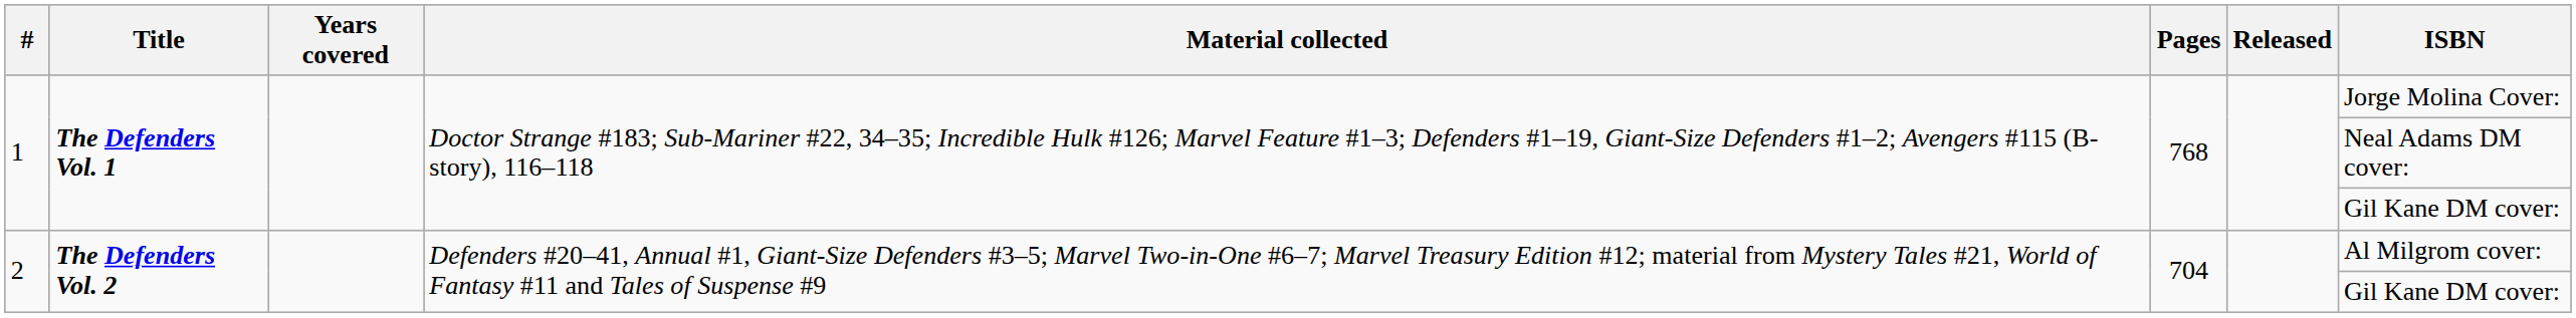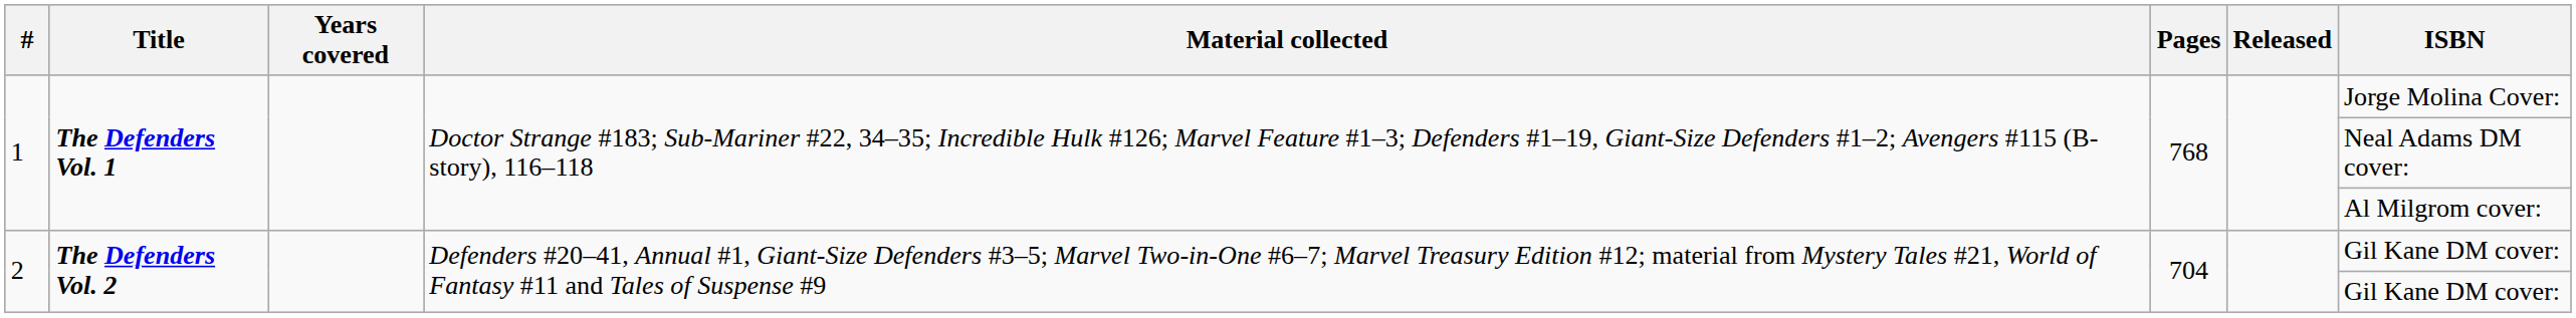 <table class="wikitable sortable" width="99%">
 <tr>
 <th class="unsortable" width="20px">#</th>
 <th>Title</th>
 <th>Years covered</th>
 <th class="unsortable">Material collected</th>
 <th>Pages</th>
 <th>Released</th>
 <th class="unsortable">ISBN</th>
 </tr>
 <tr>
 <td rowspan="3">1</td>
 <td rowspan="3"><strong><em>The <a href='#'>Defenders</a> Vol. 1</em></strong></td>
 <td rowspan="3"></td>
 <td rowspan="3"><em>Doctor Strange</em> #183; <em>Sub-Mariner</em> #22, 34–35; <em>Incredible Hulk</em> #126; <em>Marvel Feature</em> #1–3; <em>Defenders</em> #1–19, <em>Giant-Size Defenders</em> #1–2; <em>Avengers</em> #115 (B-story), 116–118</td>
 <td rowspan="3" style="text-align: center;">768</td>
 <td rowspan="3"></td>
 <td>Jorge Molina Cover: </td>
 </tr>
 <tr>
 <td>Neal Adams DM cover: </td>
 </tr>
 <tr>
-<td>Gil Kane DM cover: </td>
+<td>Al Milgrom cover: </td>
 </tr>
 <tr>
 <td rowspan="2">2</td>
 <td rowspan="2"><strong><em>The <a href='#'>Defenders</a> Vol. 2</em></strong></td>
 <td rowspan="2"></td>
 <td rowspan="2"><em>Defenders</em> #20–41, <em>Annual</em> #1, <em>Giant-Size Defenders</em> #3–5; <em>Marvel Two-in-One</em> #6–7; <em>Marvel Treasury Edition</em> #12; material from <em>Mystery Tales</em> #21, <em>World of Fantasy</em> #11 and <em>Tales of Suspense</em> #9</td>
 <td rowspan="2" style="text-align: center;">704</td>
 <td rowspan="2"></td>
-<td>Al Milgrom cover: </td>
+<td>Gil Kane DM cover: </td>
 </tr>
 <tr>
 <td>Gil Kane DM cover: </td>
 </tr>
 </table>
